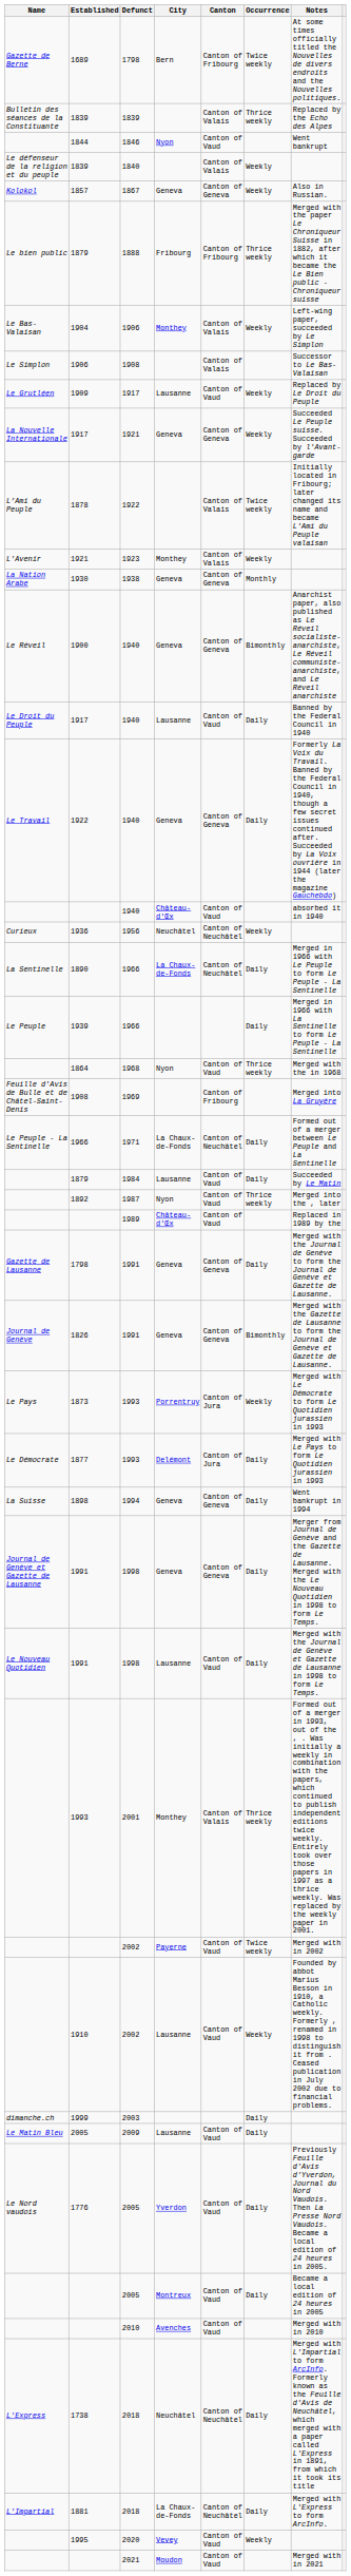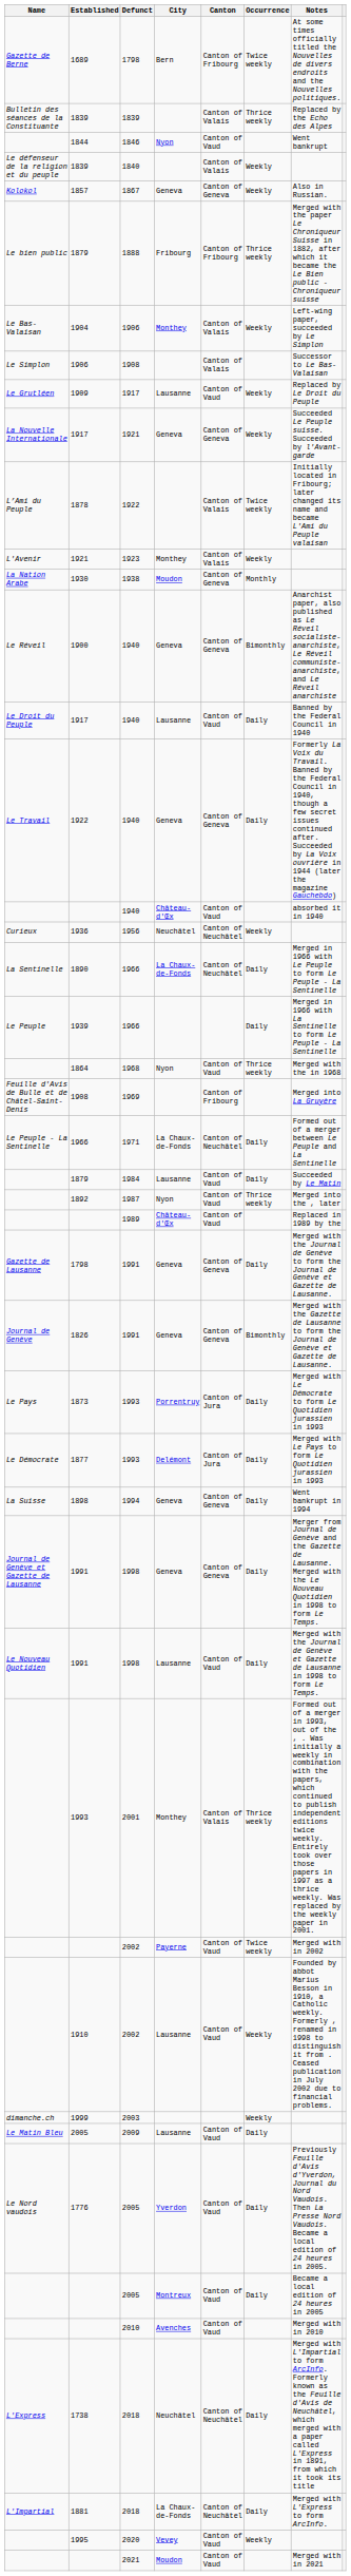 <table class="wikitable sortable" border="1">
 <tr>
 <th>Name</th>
 <th>Established</th>
 <th>Defunct</th>
 <th>City</th>
 <th>Canton</th>
 <th>Occurrence</th>
 <th class="unsortable" scope="col">Notes</th>
 <th class="unsortable" scope="col"></th>
 </tr>
 <tr>
 <td><em><a href='#'>Gazette de Berne</a></em></td>
 <td>1689</td>
 <td>1798</td>
 <td>Bern</td>
 <td>Canton of Fribourg</td>
 <td>Twice weekly</td>
 <td>At some times officially titled the <em>Nouvelles de divers endroits</em> and the <em>Nouvelles politiques</em>.</td>
 <td></td>
 </tr>
 <tr>
 <td><em>Bulletin des séances de la Constituante</em></td>
 <td>1839</td>
 <td>1839</td>
 <td></td>
 <td>Canton of Valais</td>
 <td>Thrice weekly</td>
 <td>Replaced by the <em>Echo des Alpes</em></td>
 <td></td>
 </tr>
 <tr>
 <td></td>
 <td>1844</td>
 <td>1846</td>
 <td><a href='#'>Nyon</a></td>
 <td>Canton of Vaud</td>
 <td></td>
 <td>Went bankrupt</td>
 <td></td>
 </tr>
 <tr>
 <td><em>Le défenseur de la religion et du peuple</em></td>
 <td>1839</td>
 <td>1840</td>
 <td></td>
 <td>Canton of Valais</td>
 <td>Weekly</td>
 <td></td>
 <td></td>
 </tr>
 <tr>
 <td><em><a href='#'>Kolokol</a></em></td>
 <td>1857</td>
 <td>1867</td>
 <td>Geneva</td>
 <td>Canton of Geneva</td>
 <td>Weekly</td>
 <td>Also in Russian.</td>
 <td></td>
 </tr>
 <tr>
 <td><em>Le bien public</em></td>
 <td>1879</td>
 <td>1888</td>
 <td>Fribourg</td>
 <td>Canton of Fribourg</td>
 <td>Thrice weekly</td>
 <td>Merged with the paper <em>Le Chroniqueur Suisse</em> in 1882, after which it became the <em>Le Bien public - Chroniqueur suisse</em></td>
 <td></td>
 </tr>
 <tr>
 <td><em>Le Bas-Valaisan</em></td>
 <td>1904</td>
 <td>1906</td>
 <td><a href='#'>Monthey</a></td>
 <td>Canton of Valais</td>
 <td>Weekly</td>
 <td>Left-wing paper, succeeded by <em>Le Simplon</em></td>
 <td></td>
 </tr>
 <tr>
 <td><em>Le Simplon</em></td>
 <td>1906</td>
 <td>1908</td>
 <td></td>
 <td>Canton of Valais</td>
 <td></td>
 <td>Successor to <em>Le Bas-Valaisan</em></td>
 <td></td>
 </tr>
 <tr>
 <td><em><a href='#'>Le Grutléen</a></em></td>
 <td>1909</td>
 <td>1917</td>
 <td>Lausanne</td>
 <td>Canton of Vaud</td>
 <td>Weekly</td>
 <td>Replaced by <em>Le Droit du Peuple</em></td>
 <td></td>
 </tr>
 <tr>
 <td><em><a href='#'>La Nouvelle Internationale</a></em></td>
 <td>1917</td>
 <td>1921</td>
 <td>Geneva</td>
 <td>Canton of Geneva</td>
 <td>Weekly</td>
 <td>Succeeded <em>Le Peuple suisse</em>. Succeeded by <em>l'Avant-garde</em></td>
 <td></td>
 </tr>
 <tr>
 <td><em>L’Ami du Peuple</em></td>
 <td>1878</td>
 <td>1922</td>
 <td></td>
 <td>Canton of Valais</td>
 <td>Twice weekly</td>
 <td>Initially located in Fribourg; later changed its name and became <em>L'Ami du Peuple valaisan</em></td>
 <td></td>
 </tr>
 <tr>
 <td><em>L'Avenir</em></td>
 <td>1921</td>
 <td>1923</td>
 <td>Monthey</td>
 <td>Canton of Valais</td>
 <td>Weekly</td>
 <td></td>
 <td></td>
 </tr>
 <tr>
 <td><em><a href='#'>La Nation Arabe</a></em></td>
 <td>1930</td>
 <td>1938</td>
-<td>Geneva</td>
+<td><a href='#'>Moudon</a></td>
 <td>Canton of Geneva</td>
 <td>Monthly</td>
 <td></td>
 <td></td>
 </tr>
 <tr>
 <td><em>Le Réveil</em></td>
 <td>1900</td>
 <td>1940</td>
 <td>Geneva</td>
 <td>Canton of Geneva</td>
 <td>Bimonthly</td>
 <td>Anarchist paper, also published as <em>Le Réveil socialiste-anarchiste</em>, <em>Le Réveil communiste-anarchiste</em>, and <em>Le Réveil anarchiste</em></td>
 <td></td>
 </tr>
 <tr>
 <td><em><a href='#'>Le Droit du Peuple</a></em></td>
 <td>1917</td>
 <td>1940</td>
 <td>Lausanne</td>
 <td>Canton of Vaud</td>
 <td>Daily</td>
 <td>Banned by the Federal Council in 1940</td>
 <td></td>
 </tr>
 <tr>
 <td><em><a href='#'>Le Travail</a></em></td>
 <td>1922</td>
 <td>1940</td>
 <td>Geneva</td>
 <td>Canton of Geneva</td>
 <td>Daily</td>
 <td>Formerly <em>La Voix du Travail</em>. Banned by the Federal Council in 1940, though a few secret issues continued after. Succeeded by <em>La Voix ouvrière</em> in 1944 (later the magazine <em><a href='#'>Gauchebdo</a></em>)</td>
 <td></td>
 </tr>
 <tr>
 <td></td>
 <td></td>
 <td>1940</td>
 <td><a href='#'>Château-d'Œx</a></td>
 <td>Canton of Vaud</td>
 <td></td>
 <td> absorbed it in 1940</td>
 <td></td>
 </tr>
 <tr>
 <td><em>Curieux</em></td>
 <td>1936</td>
 <td>1956</td>
 <td>Neuchâtel</td>
 <td>Canton of Neuchâtel</td>
 <td>Weekly</td>
 <td></td>
 <td></td>
 </tr>
 <tr>
 <td><em>La Sentinelle</em></td>
 <td>1890</td>
 <td>1966</td>
 <td><a href='#'>La Chaux-de-Fonds</a></td>
 <td>Canton of Neuchâtel</td>
 <td>Daily</td>
 <td>Merged in 1966 with <em>Le Peuple</em> to form <em>Le Peuple - La Sentinelle</em></td>
 <td></td>
 </tr>
 <tr>
 <td><em>Le Peuple</em></td>
 <td>1939</td>
 <td>1966</td>
 <td></td>
 <td></td>
 <td>Daily</td>
 <td>Merged in 1966 with <em>La Sentinelle</em> to form <em>Le Peuple - La Sentinelle</em></td>
 <td></td>
 </tr>
 <tr>
 <td></td>
 <td>1864</td>
 <td>1968</td>
 <td>Nyon</td>
 <td>Canton of Vaud</td>
 <td>Thrice weekly</td>
 <td>Merged with the  in 1968</td>
 <td></td>
 </tr>
 <tr>
 <td><em>Feuille d'Avis de Bulle et de Châtel-Saint-Denis</em></td>
 <td>1908</td>
 <td>1969</td>
 <td></td>
 <td>Canton of Fribourg</td>
 <td></td>
 <td>Merged into <em><a href='#'>La Gruyère</a></em></td>
 <td></td>
 </tr>
 <tr>
 <td><em>Le Peuple - La Sentinelle</em></td>
 <td>1966</td>
 <td>1971</td>
 <td>La Chaux-de-Fonds</td>
 <td>Canton of Neuchâtel</td>
 <td>Daily</td>
 <td>Formed out of a merger between <em>Le Peuple</em> and <em>La Sentinelle</em></td>
 <td></td>
 </tr>
 <tr>
 <td><em></em></td>
 <td>1879</td>
 <td>1984</td>
 <td>Lausanne</td>
 <td>Canton of Vaud</td>
 <td>Daily</td>
 <td>Succeeded by <em><a href='#'>Le Matin</a></em></td>
 <td></td>
 </tr>
 <tr>
 <td></td>
 <td>1892</td>
 <td>1987</td>
 <td>Nyon</td>
 <td>Canton of Vaud</td>
 <td>Thrice weekly</td>
 <td>Merged into the , later </td>
 <td></td>
 </tr>
 <tr>
 <td></td>
 <td></td>
 <td>1989</td>
 <td><a href='#'>Château-d'Œx</a></td>
 <td>Canton of Vaud</td>
 <td></td>
 <td>Replaced in 1989 by the </td>
 <td></td>
 </tr>
 <tr>
 <td><em><a href='#'>Gazette de Lausanne</a></em></td>
 <td>1798</td>
 <td>1991</td>
 <td>Geneva</td>
 <td>Canton of Geneva</td>
 <td>Daily</td>
 <td>Merged with the <em>Journal de Genève</em> to form the <em>Journal de Genève et Gazette de Lausanne</em>.</td>
 <td></td>
 </tr>
 <tr>
 <td><em><a href='#'>Journal de Genève</a></em></td>
 <td>1826</td>
 <td>1991</td>
 <td>Geneva</td>
 <td>Canton of Geneva</td>
 <td>Bimonthly</td>
 <td>Merged with the <em>Gazette de Lausanne</em> to form the <em>Journal de Genève et Gazette de Lausanne</em>.</td>
 <td></td>
 </tr>
 <tr>
 <td><em>Le Pays</em></td>
 <td>1873</td>
 <td>1993</td>
 <td><a href='#'>Porrentruy</a></td>
 <td>Canton of Jura</td>
-<td>Weekly</td>
+<td>Daily</td>
 <td>Merged with <em>Le Démocrate</em> to form <em>Le Quotidien jurassien</em> in 1993</td>
 <td></td>
 </tr>
 <tr>
 <td><em>Le Démocrate</em></td>
 <td>1877</td>
 <td>1993</td>
 <td><a href='#'>Delémont</a></td>
 <td>Canton of Jura</td>
 <td>Daily</td>
 <td>Merged with <em>Le Pays</em> to form <em>Le Quotidien jurassien</em> in 1993</td>
 <td></td>
 </tr>
 <tr>
 <td><em>La Suisse</em></td>
 <td>1898</td>
 <td>1994</td>
 <td>Geneva</td>
 <td>Canton of Geneva</td>
 <td>Daily</td>
 <td>Went bankrupt in 1994</td>
 <td></td>
 </tr>
 <tr>
 <td><em><a href='#'>Journal de Genève et Gazette de Lausanne</a></em></td>
 <td>1991</td>
 <td>1998</td>
 <td>Geneva</td>
 <td>Canton of Geneva</td>
 <td>Daily</td>
 <td>Merger from <em>Journal de Genève</em> and the <em>Gazette de Lausanne</em>. Merged with the <em>Le Nouveau Quotidien</em> in 1998 to form <em>Le Temps</em>.</td>
 <td></td>
 </tr>
 <tr>
 <td><em><a href='#'>Le Nouveau Quotidien</a></em></td>
 <td>1991</td>
 <td>1998</td>
 <td>Lausanne</td>
 <td>Canton of Vaud</td>
 <td>Daily</td>
 <td>Merged with the <em>Journal de Genève et Gazette de Lausanne</em> in 1998 to form <em>Le Temps</em>.</td>
 <td></td>
 </tr>
 <tr>
 <td></td>
 <td>1993</td>
 <td>2001</td>
 <td>Monthey</td>
 <td>Canton of Valais</td>
 <td>Thrice weekly</td>
 <td>Formed out of a merger in 1993, out of the ,   . Was initially a weekly in combination with the papers, which continued to publish independent editions twice weekly. Entirely took over those papers in 1997 as a thrice weekly. Was replaced by the weekly paper  in 2001.</td>
 <td></td>
 </tr>
 <tr>
 <td></td>
 <td></td>
 <td>2002</td>
 <td><a href='#'>Payerne</a></td>
 <td>Canton of Vaud</td>
 <td>Twice weekly</td>
 <td>Merged with  in 2002</td>
 <td></td>
 </tr>
 <tr>
 <td></td>
 <td>1910</td>
 <td>2002</td>
 <td>Lausanne</td>
 <td>Canton of Vaud</td>
 <td>Weekly</td>
 <td>Founded by abbot Marius Besson in 1910, a Catholic weekly. Formerly , renamed  in 1998 to distinguish it from . Ceased publication in July 2002 due to financial problems.</td>
 <td></td>
 </tr>
 <tr>
 <td><em>dimanche.ch</em></td>
 <td>1999</td>
 <td>2003</td>
 <td></td>
 <td></td>
-<td>Daily</td>
+<td>Weekly</td>
 <td></td>
 <td></td>
 </tr>
 <tr>
 <td><em><a href='#'>Le Matin Bleu</a></em></td>
 <td>2005</td>
 <td>2009</td>
 <td>Lausanne</td>
 <td>Canton of Vaud</td>
 <td>Daily</td>
 <td></td>
 <td></td>
 </tr>
 <tr>
 <td><em>Le Nord vaudois</em></td>
 <td>1776</td>
 <td>2005</td>
 <td><a href='#'>Yverdon</a></td>
 <td>Canton of Vaud</td>
 <td>Daily</td>
 <td>Previously <em>Feuille d'Avis d'Yverdon, Journal du Nord Vaudois</em>. Then <em>La Presse Nord Vaudois.</em> Became a local edition of <em>24 heures</em> in 2005.</td>
 <td></td>
 </tr>
 <tr>
 <td></td>
 <td></td>
 <td>2005</td>
 <td><a href='#'>Montreux</a></td>
 <td>Canton of Vaud</td>
 <td>Daily</td>
 <td>Became a local edition of <em>24 heures</em> in 2005</td>
 <td></td>
 </tr>
 <tr>
 <td></td>
 <td></td>
 <td>2010</td>
 <td><a href='#'>Avenches</a></td>
 <td>Canton of Vaud</td>
 <td></td>
 <td>Merged with  in 2010</td>
 <td></td>
 </tr>
 <tr>
 <td><em><a href='#'>L'Express</a></em></td>
 <td>1738</td>
 <td>2018</td>
 <td>Neuchâtel</td>
 <td>Canton of Neuchâtel</td>
 <td>Daily</td>
 <td>Merged with <em>L'Impartial</em> to form <em><a href='#'>ArcInfo</a></em>. Formerly known as the <em>Feuille d'Avis de Neuchâtel</em>, which merged with a paper called <em>L'Express</em> in 1891, from which it took its title</td>
 <td></td>
 </tr>
 <tr>
 <td><em><a href='#'>L'Impartial</a></em></td>
 <td>1881</td>
 <td>2018</td>
 <td>La Chaux-de-Fonds</td>
 <td>Canton of Neuchâtel</td>
 <td>Daily</td>
 <td>Merged with <em>L'Express</em> to form <em>ArcInfo</em>.</td>
 <td></td>
 </tr>
 <tr>
 <td></td>
 <td>1995</td>
 <td>2020</td>
 <td><a href='#'>Vevey</a></td>
 <td>Canton of Vaud</td>
 <td>Weekly</td>
 <td></td>
 <td></td>
 </tr>
 <tr>
 <td></td>
 <td></td>
 <td>2021</td>
 <td><a href='#'>Moudon</a></td>
 <td>Canton of Vaud</td>
 <td></td>
 <td>Merged with  in 2021</td>
 <td></td>
 </tr>
 </table>
